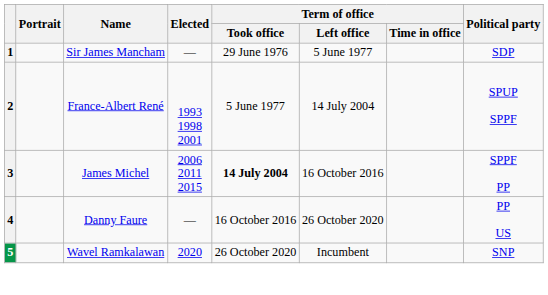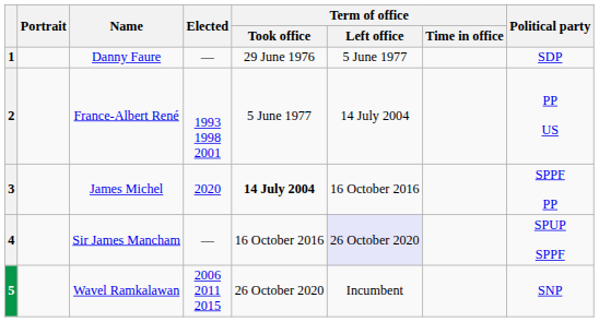 <table class="wikitable" style="text-align:center">
 <tr>
 <th rowspan="2"></th>
 <th rowspan="2">Portrait</th>
 <th rowspan="2">Name<br></th>
 <th rowspan="2">Elected</th>
 <th colspan="3">Term of office</th>
 <th rowspan="2">Political party<br></th>
 </tr>
 <tr>
 <th>Took office</th>
 <th>Left office</th>
 <th>Time in office</th>
 </tr>
 <tr>
 <th style="background:">1</th>
 <td></td>
-<td><a href='#'>Sir James Mancham</a><br></td>
+<td><a href='#'>Danny Faure</a><br></td>
 <td>—</td>
 <td>29 June 1976</td>
 <td>5 June 1977<br></td>
 <td></td>
 <td><a href='#'>SDP</a></td>
 </tr>
 <tr>
 <th style="background:">2</th>
 <td></td>
 <td><a href='#'>France-Albert René</a><br></td>
 <td><br><br><br><a href='#'>1993</a><br><a href='#'>1998</a><br><a href='#'>2001</a></td>
 <td>5 June 1977</td>
 <td>14 July 2004<br></td>
 <td></td>
-<td><a href='#'>SPUP</a><br><br><a href='#'>SPPF</a></td>
+<td><a href='#'>PP</a><br><br><a href='#'>US</a></td>
 </tr>
 <tr>
 <th style="background:">3</th>
 <td></td>
 <td><a href='#'>James Michel</a><br></td>
-<td><a href='#'>2006</a><br><a href='#'>2011</a><br><a href='#'>2015</a></td>
+<td><a href='#'>2020</a></td>
 <td><strong>14 July 2004</strong></td>
 <td>16 October 2016<br></td>
 <td></td>
 <td><a href='#'>SPPF</a><br><br><a href='#'>PP</a></td>
 </tr>
 <tr>
 <th style="background:">4</th>
 <td></td>
-<td><a href='#'>Danny Faure</a><br></td>
+<td><a href='#'>Sir James Mancham</a><br></td>
 <td>—</td>
 <td>16 October 2016</td>
-<td>26 October 2020</td>
+<td style="background: lavender;">26 October 2020</td>
 <td></td>
-<td><a href='#'>PP</a><br><br><a href='#'>US</a></td>
+<td><a href='#'>SPUP</a><br><br><a href='#'>SPPF</a></td>
 </tr>
 <tr>
 <th style="background:#059649; color:white">5</th>
 <td></td>
 <td><a href='#'>Wavel Ramkalawan</a><br></td>
-<td><a href='#'>2020</a></td>
+<td><a href='#'>2006</a><br><a href='#'>2011</a><br><a href='#'>2015</a></td>
 <td>26 October 2020</td>
 <td>Incumbent</td>
 <td></td>
 <td><a href='#'>SNP</a><br></td>
 </tr>
 </table>
